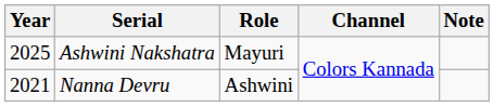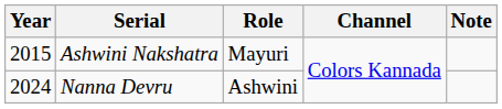 <table class="wikitable sortable">
 <tr>
 <th>Year</th>
 <th>Serial</th>
 <th>Role</th>
 <th>Channel</th>
 <th>Note</th>
 </tr>
 <tr>
-<td>2025</td>
+<td>2015</td>
 <td><em>Ashwini Nakshatra</em></td>
 <td>Mayuri</td>
 <td rowspan="2"><a href='#'>Colors Kannada</a></td>
 <td></td>
 </tr>
 <tr>
-<td>2021</td>
+<td>2024</td>
 <td><em>Nanna Devru</em></td>
 <td>Ashwini</td>
 <td></td>
 </tr>
 </table>
